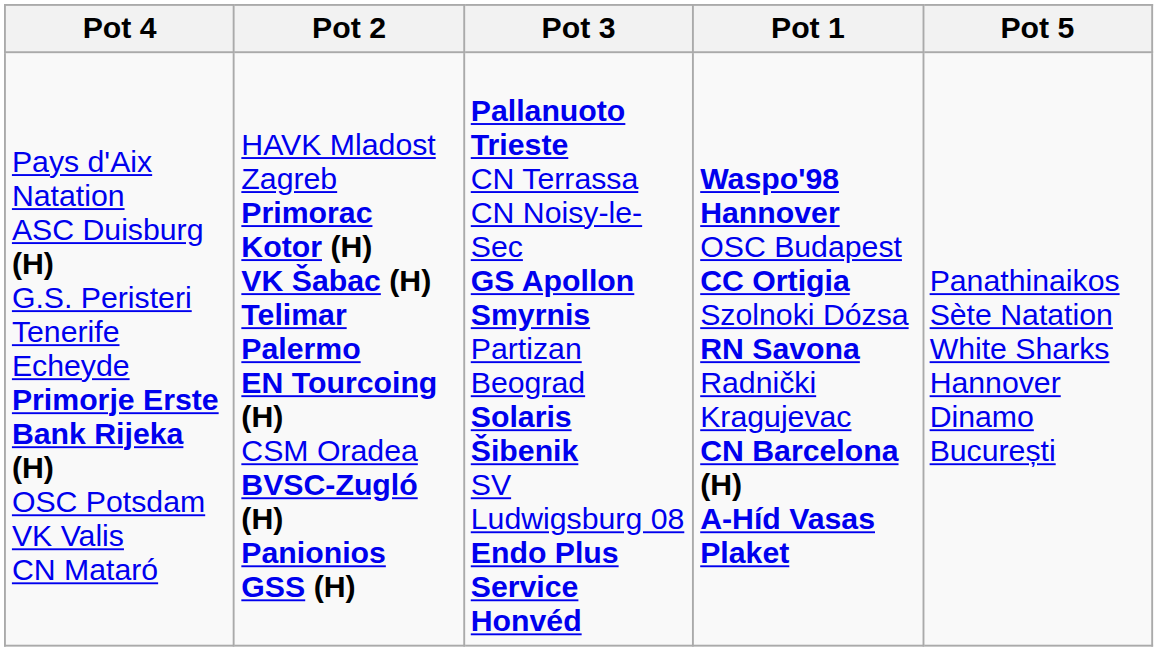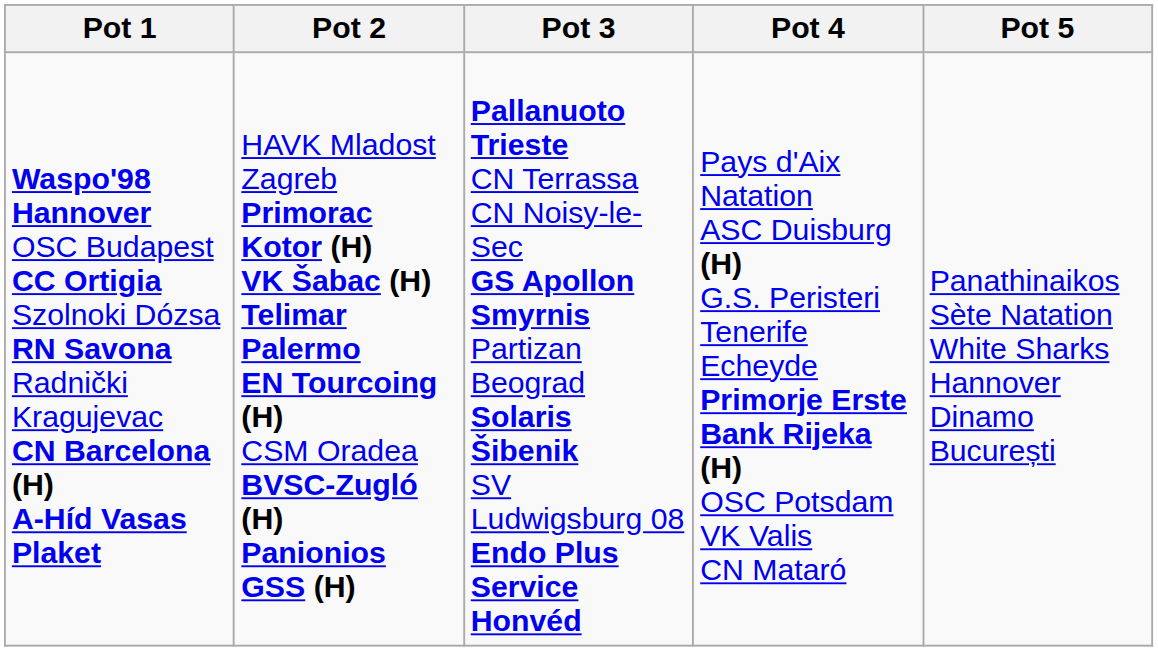 <table class="wikitable collapsible">
 <tr>
-<th width=20%>Pot 4</th>
+<th width=20%>Pot 1</th>
 <th width=20%>Pot 2</th>
 <th width=20%>Pot 3</th>
-<th width=20%>Pot 1</th>
+<th width=20%>Pot 4</th>
 <th width=20%>Pot 5</th>
 </tr>
 <tr>
-<td><br> <a href='#'>Pays d'Aix Natation</a><br>  <a href='#'>ASC Duisburg</a> <strong>(H)</strong><br>  <a href='#'>G.S. Peristeri</a><br>  <a href='#'>Tenerife Echeyde</a><br>  <strong><a href='#'>Primorje Erste Bank Rijeka</a></strong> <strong>(H)</strong><br>  <a href='#'>OSC Potsdam</a><br>  <a href='#'>VK Valis</a> <br>  <a href='#'>CN Mataró</a></td>
+<td><br> <strong><a href='#'>Waspo'98 Hannover</a></strong><br>  <a href='#'>OSC Budapest</a> <br>  <strong><a href='#'>CC Ortigia</a></strong><br>  <a href='#'>Szolnoki Dózsa</a><br>  <strong><a href='#'>RN Savona</a></strong><br>  <a href='#'>Radnički Kragujevac</a><br>  <strong><a href='#'>CN Barcelona</a></strong> <strong>(H)</strong> <br>  <strong><a href='#'>A-Híd Vasas Plaket</a></strong></td>
 <td><br> <a href='#'>HAVK Mladost Zagreb</a><br>  <strong><a href='#'>Primorac Kotor</a></strong> <strong>(H)</strong><br>  <strong><a href='#'>VK Šabac</a></strong> <strong>(H)</strong><br>  <strong><a href='#'>Telimar Palermo</a></strong><br>  <strong><a href='#'>EN Tourcoing</a></strong> <strong>(H)</strong> <br>  <a href='#'>CSM Oradea</a><br>  <strong><a href='#'>BVSC-Zugló</a></strong> <strong>(H)</strong><br>  <strong><a href='#'>Panionios GSS</a></strong> <strong>(H)</strong></td>
 <td><br> <strong><a href='#'>Pallanuoto Trieste</a></strong><br>  <a href='#'>CN Terrassa</a> <br>  <a href='#'>CN Noisy-le-Sec</a>  <br>  <strong><a href='#'>GS Apollon Smyrnis</a></strong><br>  <a href='#'>Partizan Beograd</a><br>  <strong><a href='#'>Solaris Šibenik</a></strong><br>  <a href='#'>SV Ludwigsburg 08</a> <br>  <strong><a href='#'>Endo Plus Service Honvéd</a></strong></td>
-<td><br> <strong><a href='#'>Waspo'98 Hannover</a></strong><br>  <a href='#'>OSC Budapest</a> <br>  <strong><a href='#'>CC Ortigia</a></strong><br>  <a href='#'>Szolnoki Dózsa</a><br>  <strong><a href='#'>RN Savona</a></strong><br>  <a href='#'>Radnički Kragujevac</a><br>  <strong><a href='#'>CN Barcelona</a></strong> <strong>(H)</strong> <br>  <strong><a href='#'>A-Híd Vasas Plaket</a></strong></td>
+<td><br> <a href='#'>Pays d'Aix Natation</a><br>  <a href='#'>ASC Duisburg</a> <strong>(H)</strong><br>  <a href='#'>G.S. Peristeri</a><br>  <a href='#'>Tenerife Echeyde</a><br>  <strong><a href='#'>Primorje Erste Bank Rijeka</a></strong> <strong>(H)</strong><br>  <a href='#'>OSC Potsdam</a><br>  <a href='#'>VK Valis</a> <br>  <a href='#'>CN Mataró</a></td>
 <td><br> <a href='#'>Panathinaikos</a><br>  <a href='#'>Sète Natation</a><br>  <a href='#'>White Sharks Hannover</a><br>  <a href='#'>Dinamo București</a></td>
 </tr>
 </table>
